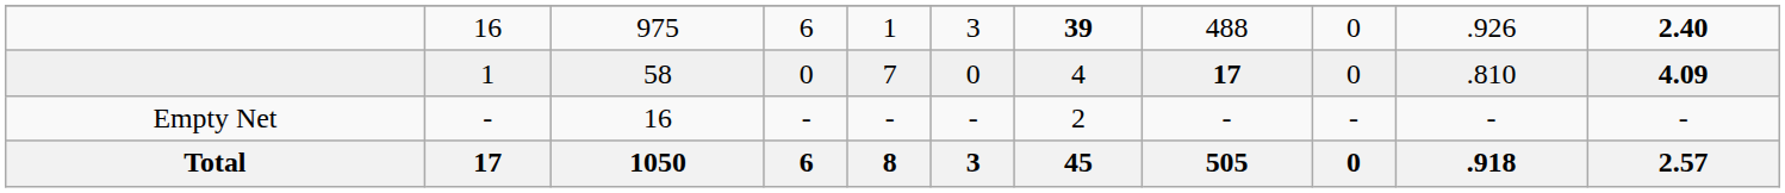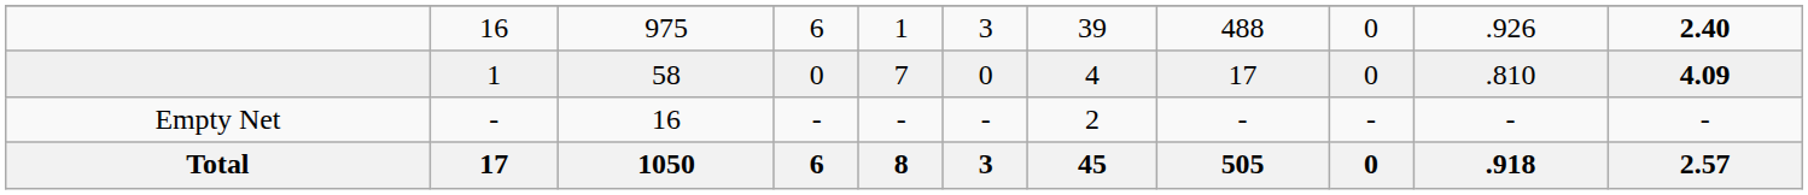 <table class="wikitable sortable" width ="1000">
 <tr align="center">
 </tr>
 <tr align="center" bgcolor="">
 <td></td>
 <td>16</td>
 <td>975</td>
 <td>6</td>
 <td>1</td>
 <td>3</td>
-<td><strong>39</strong></td>
+<td>39</td>
 <td>488</td>
 <td>0</td>
 <td>.926</td>
 <td><strong>2.40</strong></td>
 </tr>
 <tr align="center" bgcolor="f0f0f0">
 <td></td>
 <td>1</td>
 <td>58</td>
 <td>0</td>
 <td>7</td>
 <td>0</td>
 <td>4</td>
-<td><strong>17</strong></td>
+<td>17</td>
 <td>0</td>
 <td>.810</td>
 <td><strong>4.09</strong></td>
 </tr>
 <tr align="center" bgcolor="">
 <td>Empty Net</td>
 <td>-</td>
 <td>16</td>
 <td>-</td>
 <td>-</td>
 <td>-</td>
 <td>2</td>
 <td>-</td>
 <td>-</td>
 <td>-</td>
 <td>-</td>
 </tr>
 <tr>
 <th>Total</th>
 <th>17</th>
 <th>1050</th>
 <th>6</th>
 <th>8</th>
 <th>3</th>
 <th>45</th>
 <th>505</th>
 <th>0</th>
 <th>.918</th>
 <th>2.57</th>
 </tr>
 </table>
